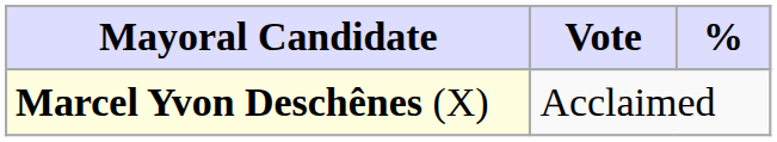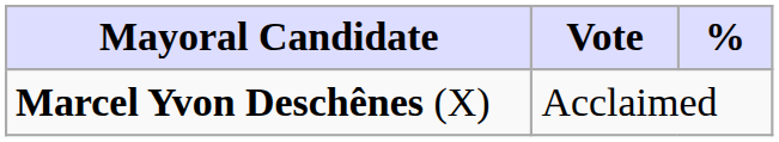 <table class="wikitable">
 <tr>
 <th style="background:#ddf; width:200px;">Mayoral Candidate</th>
 <th style="background:#ddf; width:50px;">Vote</th>
 <th style="background:#ddf; width:30px;">%</th>
 </tr>
 <tr>
-<td style="background: lightyellow;"><strong>Marcel Yvon Deschênes</strong> (X)</td>
+<td><strong>Marcel Yvon Deschênes</strong> (X)</td>
 <td colspan="2">Acclaimed</td>
 </tr>
 </table>
